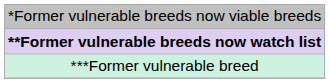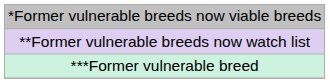 <table class="wikitable" style="text-align:center">
 <tr>
 <td style=background:silver>*Former vulnerable breeds now viable breeds</td>
 </tr>
 <tr>
-<td style=background:#ddcef2><strong>**Former vulnerable breeds now watch list</strong></td>
+<td style=background:#ddcef2>**Former vulnerable breeds now watch list</td>
 </tr>
 <tr>
 <td style=background:#cef2e0>***Former vulnerable breed</td>
 </tr>
 <tr>
 </tr>
 </table>
